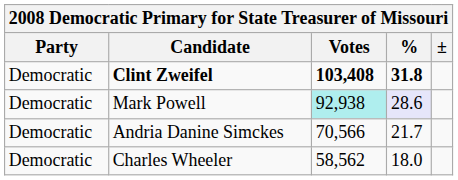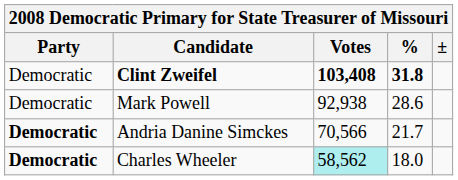 <table class="wikitable">
 <tr>
 <th colspan="5">2008 Democratic Primary for State Treasurer of Missouri</th>
 </tr>
 <tr>
 <th>Party</th>
 <th>Candidate</th>
 <th>Votes</th>
 <th>%</th>
 <th>±</th>
 </tr>
 <tr>
 <td>Democratic</td>
 <td><strong>Clint Zweifel</strong></td>
 <td><strong>103,408</strong></td>
 <td><strong>31.8</strong></td>
 <td></td>
 </tr>
 <tr>
 <td>Democratic</td>
 <td>Mark Powell</td>
-<td style="background: paleturquoise;">92,938</td>
-<td style="background: lavender;">28.6</td>
+<td>92,938</td>
+<td>28.6</td>
 <td></td>
 </tr>
 <tr>
-<td>Democratic</td>
+<td><strong>Democratic</strong></td>
 <td>Andria Danine Simckes</td>
 <td>70,566</td>
 <td>21.7</td>
 <td></td>
 </tr>
 <tr>
-<td>Democratic</td>
+<td><strong>Democratic</strong></td>
 <td>Charles Wheeler</td>
-<td>58,562</td>
+<td style="background: paleturquoise;">58,562</td>
 <td>18.0</td>
 <td></td>
 </tr>
 </table>
